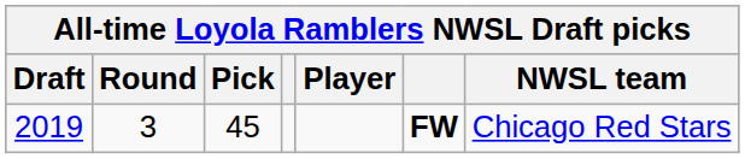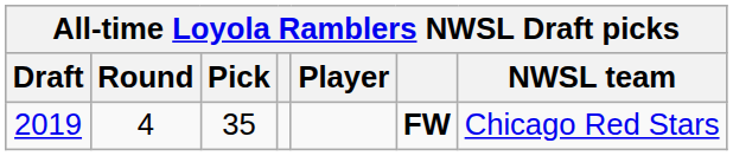 <table class="wikitable sortable" style="text-align: center;">
 <tr>
 <th colspan="7" style="background:#">All-time <a href='#'><span>Loyola Ramblers</span></a> NWSL Draft picks</th>
 </tr>
 <tr>
 <th scope="col">Draft</th>
 <th scope="col">Round</th>
 <th scope="col">Pick</th>
 <th scope="col"></th>
 <th scope="col">Player</th>
 <th scope="col"></th>
 <th scope="col">NWSL team</th>
 </tr>
 <tr>
 <td><a href='#'>2019</a></td>
-<td>3</td>
-<td>45</td>
+<td>4</td>
+<td>35</td>
 <td></td>
 <td></td>
 <td><strong>FW</strong></td>
 <td><a href='#'>Chicago Red Stars</a></td>
 </tr>
 </table>
